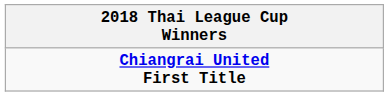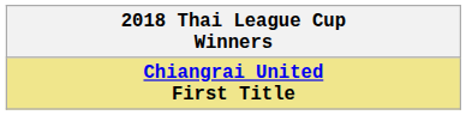 <table class="wikitable" style="text-align: center; margin: 0 auto; width: 20%">
 <tr>
 <th>2018 Thai League Cup<br>Winners</th>
 </tr>
 <tr>
-<td align="center"><strong><a href='#'>Chiangrai United</a></strong><br><strong>First Title</strong></td>
+<td align="center" style="background: khaki;"><strong><a href='#'>Chiangrai United</a></strong><br><strong>First Title</strong></td>
 </tr>
 </table>
